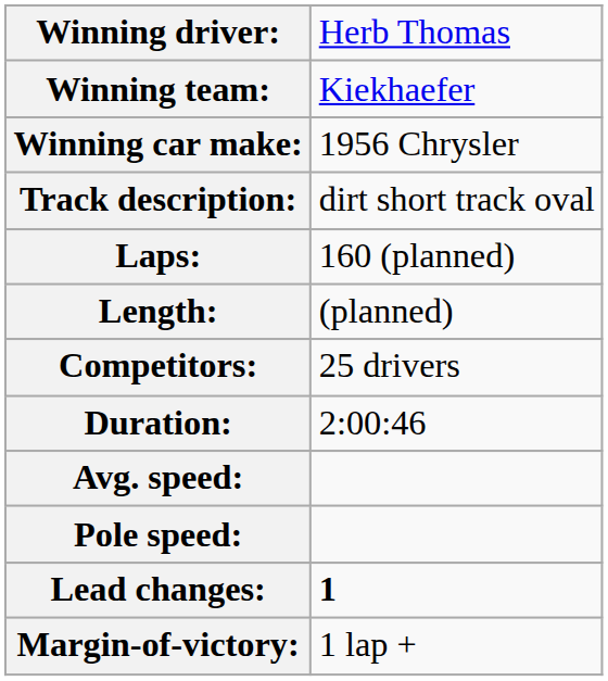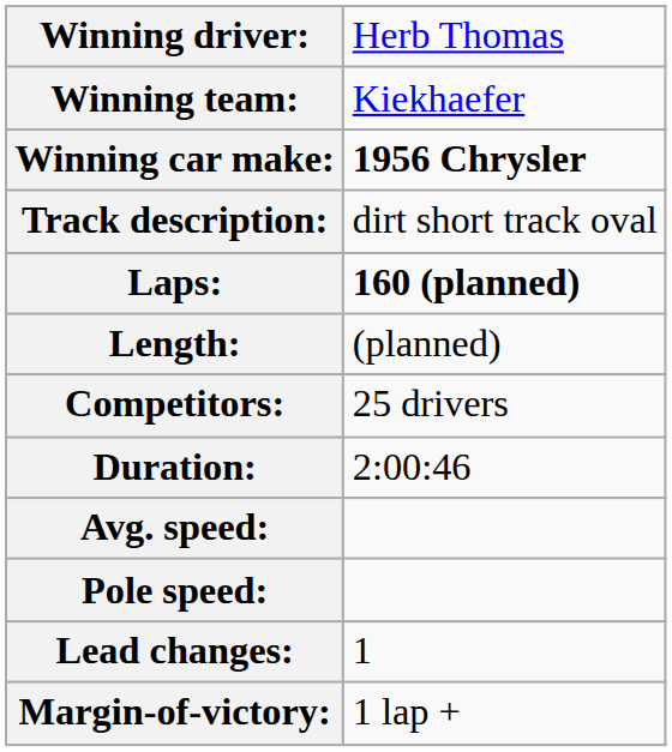 <table class="wikitable" style=text-align:left>
 <tr>
 <th>Winning driver:</th>
 <td><a href='#'>Herb Thomas</a></td>
 </tr>
 <tr>
 <th>Winning team:</th>
 <td><a href='#'>Kiekhaefer</a></td>
 </tr>
 <tr>
 <th>Winning car make:</th>
-<td>1956 Chrysler</td>
+<td><strong>1956 Chrysler</strong></td>
 </tr>
 <tr>
 <th>Track description:</th>
 <td> dirt short track oval</td>
 </tr>
 <tr>
 <th>Laps:</th>
-<td>160 (planned)</td>
+<td><strong>160 (planned)</strong></td>
 </tr>
 <tr>
 <th>Length:</th>
 <td> (planned)</td>
 </tr>
 <tr>
 <th>Competitors:</th>
 <td>25 drivers</td>
 </tr>
 <tr>
 <th>Duration:</th>
 <td>2:00:46</td>
 </tr>
 <tr>
 <th>Avg. speed:</th>
 <td></td>
 </tr>
 <tr>
 <th>Pole speed:</th>
 <td></td>
 </tr>
 <tr>
 <th>Lead changes:</th>
-<td><strong>1</strong></td>
+<td>1</td>
 </tr>
 <tr>
 <th>Margin-of-victory:</th>
 <td>1 lap +</td>
 </tr>
 </table>
